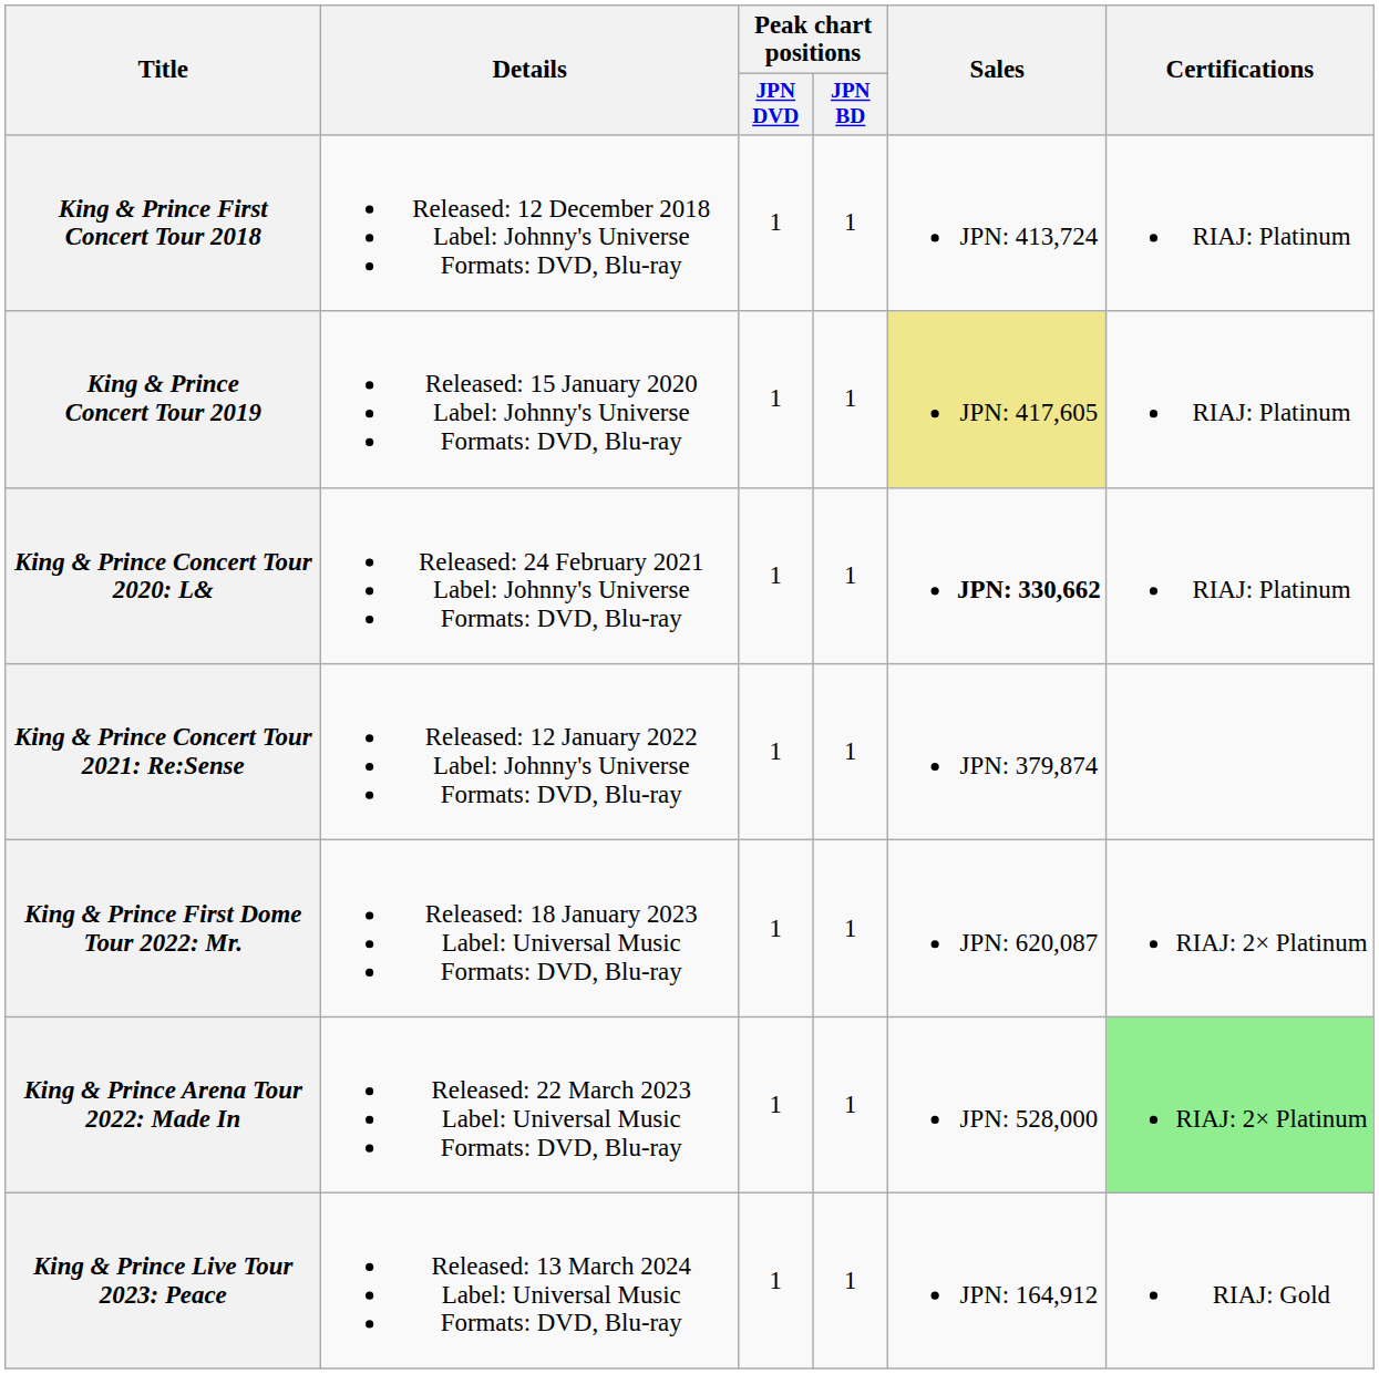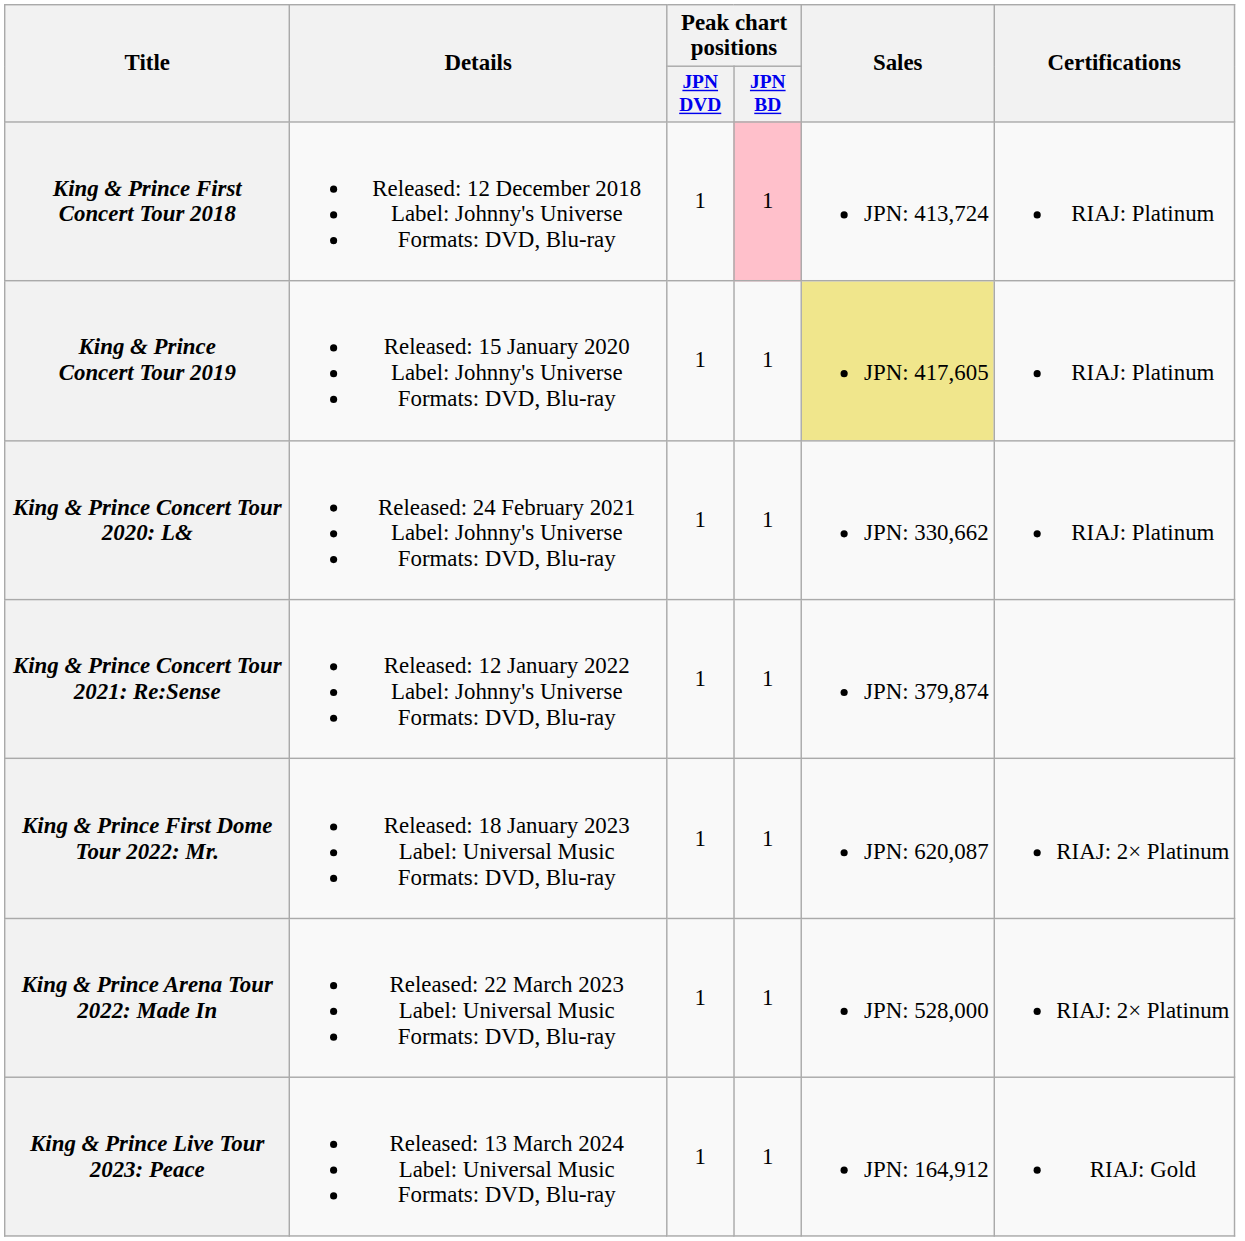 <table class="wikitable plainrowheaders" style="text-align:center;">
 <tr>
 <th rowspan="2" scope="col" style="width:12em;">Title</th>
 <th rowspan="2" scope="col" style="width:16em;">Details</th>
 <th colspan="2" scope="col">Peak chart positions</th>
 <th rowspan="2" scope="col">Sales</th>
 <th rowspan="2" scope="col">Certifications</th>
 </tr>
 <tr>
 <th scope="col" style="width:3em;font-size:85%;"><a href='#'>JPN<br>DVD</a><br></th>
 <th scope="col" style="width:3em;font-size:85%;"><a href='#'>JPN<br>BD</a><br></th>
 </tr>
 <tr>
 <th scope="row"><em>King & Prince First<br>Concert Tour 2018</em></th>
 <td><br><ul><li>Released: 12 December 2018</li><li>Label: Johnny's Universe</li><li>Formats: DVD, Blu-ray</li></ul></td>
 <td>1</td>
-<td>1</td>
+<td style="background: pink;">1</td>
 <td><br><ul><li>JPN: 413,724</li></ul></td>
 <td><br><ul><li>RIAJ: Platinum</li></ul></td>
 </tr>
 <tr>
 <th scope="row"><em>King & Prince <br>Concert Tour 2019</em></th>
 <td><br><ul><li>Released: 15 January 2020</li><li>Label: Johnny's Universe</li><li>Formats: DVD, Blu-ray</li></ul></td>
 <td>1</td>
 <td>1</td>
 <td style="background: khaki;"><br><ul><li>JPN: 417,605</li></ul></td>
 <td><br><ul><li>RIAJ: Platinum</li></ul></td>
 </tr>
 <tr>
 <th scope="row"><em>King & Prince Concert Tour 2020: L&</em></th>
 <td><br><ul><li>Released: 24 February 2021</li><li>Label: Johnny's Universe</li><li>Formats: DVD, Blu-ray</li></ul></td>
 <td>1</td>
 <td>1</td>
-<td><strong><br><ul><li>JPN: 330,662</li></ul></strong></td>
+<td><br><ul><li>JPN: 330,662</li></ul></td>
 <td><br><ul><li>RIAJ: Platinum</li></ul></td>
 </tr>
 <tr>
 <th scope="row"><em>King & Prince Concert Tour 2021: Re:Sense</em></th>
 <td><br><ul><li>Released: 12 January 2022</li><li>Label: Johnny's Universe</li><li>Formats: DVD, Blu-ray</li></ul></td>
 <td>1</td>
 <td>1</td>
 <td><br><ul><li>JPN: 379,874</li></ul></td>
 <td></td>
 </tr>
 <tr>
 <th scope="row"><em>King & Prince First Dome Tour 2022: Mr.</em></th>
 <td><br><ul><li>Released: 18 January 2023</li><li>Label: Universal Music</li><li>Formats: DVD, Blu-ray</li></ul></td>
 <td>1</td>
 <td>1</td>
 <td><br><ul><li>JPN: 620,087 </li></ul></td>
 <td><br><ul><li>RIAJ: 2× Platinum</li></ul></td>
 </tr>
 <tr>
 <th scope="row"><em>King & Prince Arena Tour 2022: Made In</em></th>
 <td><br><ul><li>Released: 22 March 2023</li><li>Label: Universal Music</li><li>Formats: DVD, Blu-ray</li></ul></td>
 <td>1</td>
 <td>1</td>
 <td><br><ul><li>JPN: 528,000 </li></ul></td>
-<td style="background: lightgreen;"><br><ul><li>RIAJ: 2× Platinum</li></ul></td>
+<td><br><ul><li>RIAJ: 2× Platinum</li></ul></td>
 </tr>
 <tr>
 <th scope="row"><em>King & Prince Live Tour 2023: Peace</em></th>
 <td><br><ul><li>Released: 13 March 2024</li><li>Label: Universal Music</li><li>Formats: DVD, Blu-ray</li></ul></td>
 <td>1</td>
 <td>1</td>
 <td><br><ul><li>JPN: 164,912</li></ul></td>
 <td><br><ul><li>RIAJ: Gold</li></ul></td>
 </tr>
 </table>
